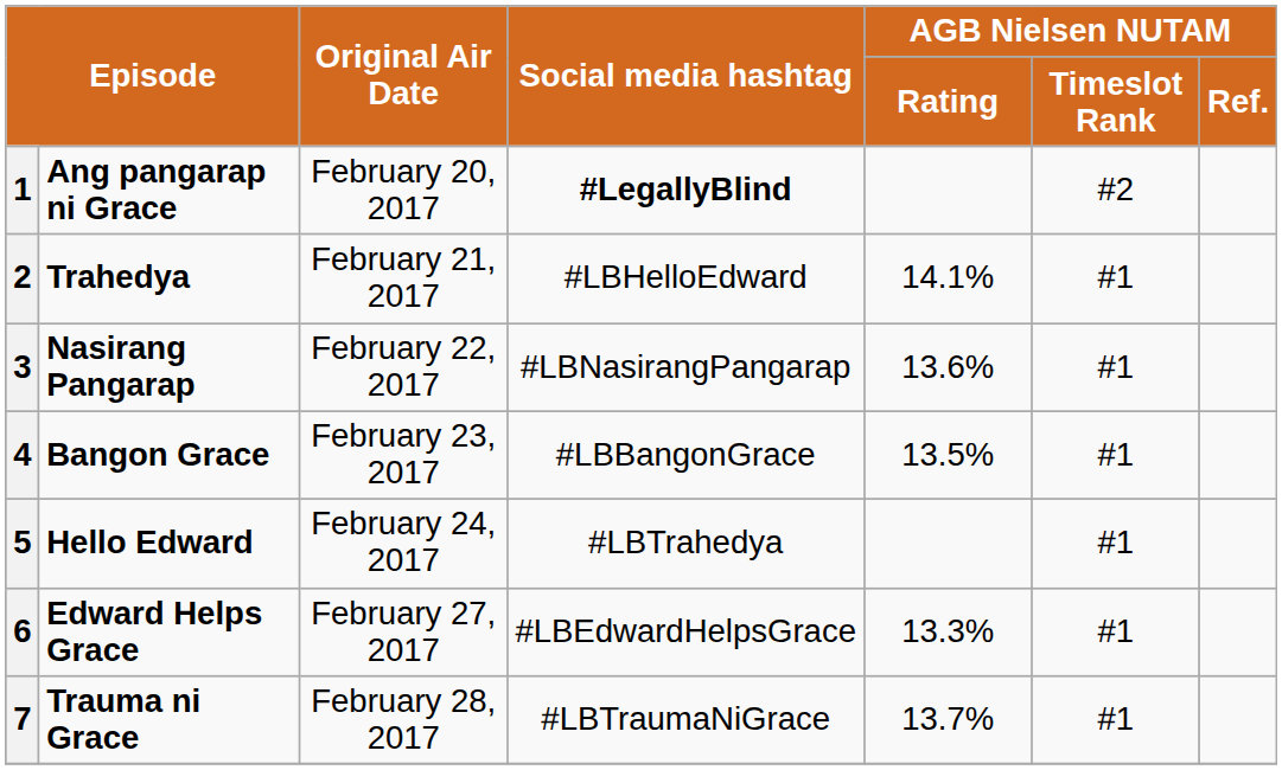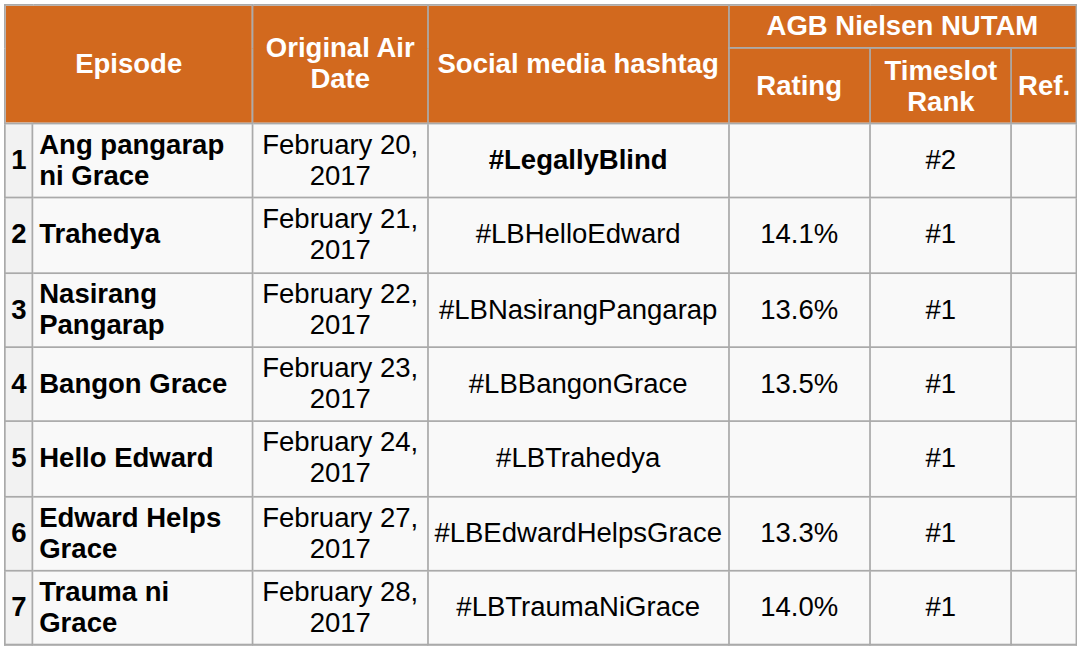 <table class="wikitable" style="text-align:center; font-size:100%; line-height:18px;"  width="100%">
 <tr>
 <th colspan="2" rowspan="2" style="background-color:#D2691E; color:#ffffff;">Episode</th>
 <th style="background:#D2691E; color:white" rowspan="2">Original Air Date</th>
 <th style="background:#D2691E; color:white" rowspan="2">Social media hashtag</th>
 <th style="background-color:#D2691E; color:#ffffff;" colspan="3">AGB Nielsen NUTAM</th>
 </tr>
 <tr>
 <th style="background-color:#D2691E; width:75px; color:#ffffff;">Rating</th>
 <th style="background-color:#D2691E; width:75px; color:#ffffff;">Timeslot<br>Rank</th>
 <th style="background-color:#D2691E; color:#ffffff;">Ref.</th>
 </tr>
 <tr>
 <th>1</th>
 <td style="text-align: left;"><strong>Ang pangarap ni Grace</strong></td>
 <td>February 20, 2017</td>
 <td><strong>#LegallyBlind</strong></td>
 <td></td>
 <td>#2</td>
 <td></td>
 </tr>
 <tr>
 <th>2</th>
 <td style="text-align: left;"><strong>Trahedya</strong></td>
 <td>February 21, 2017</td>
 <td>#LBHelloEdward</td>
 <td>14.1%</td>
 <td>#1</td>
 <td></td>
 </tr>
 <tr>
 <th>3</th>
 <td style="text-align: left;"><strong>Nasirang Pangarap</strong></td>
 <td>February 22, 2017</td>
 <td>#LBNasirangPangarap</td>
 <td>13.6%</td>
 <td>#1</td>
 <td></td>
 </tr>
 <tr>
 <th>4</th>
 <td style="text-align: left;"><strong>Bangon Grace</strong></td>
 <td>February 23, 2017</td>
 <td>#LBBangonGrace</td>
 <td>13.5%</td>
 <td>#1</td>
 <td></td>
 </tr>
 <tr>
 <th>5</th>
 <td style="text-align: left;"><strong>Hello Edward</strong></td>
 <td>February 24, 2017</td>
 <td>#LBTrahedya</td>
 <td></td>
 <td>#1</td>
 <td></td>
 </tr>
 <tr>
 <th>6</th>
 <td style="text-align: left;"><strong>Edward Helps Grace</strong></td>
 <td>February 27, 2017</td>
 <td>#LBEdwardHelpsGrace</td>
 <td>13.3%</td>
 <td>#1</td>
 <td></td>
 </tr>
 <tr>
 <th>7</th>
 <td style="text-align: left;"><strong>Trauma ni Grace</strong></td>
 <td>February 28, 2017</td>
 <td>#LBTraumaNiGrace</td>
-<td>13.7%</td>
+<td>14.0%</td>
 <td>#1</td>
 <td></td>
 </tr>
 <tr>
 </tr>
 </table>
